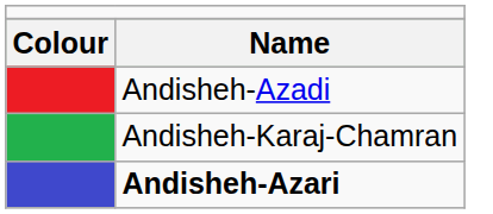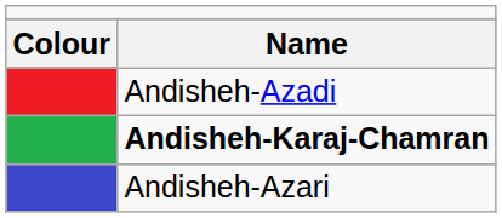 <table class="wikitable sortable">
 <tr>
 <td colspan="7"></td>
 </tr>
 <tr>
 </tr>
 <tr bgcolor=#ACE1AF>
 <th>Colour</th>
 <th>Name</th>
 </tr>
 <tr>
 <td text-align="center" bgcolor="#ED1C24"></td>
 <td>Andisheh-<a href='#'>Azadi</a></td>
 </tr>
 <tr>
 <td text-align="center" bgcolor="#22B14C"></td>
-<td>Andisheh-Karaj-Chamran</td>
+<td><strong>Andisheh-Karaj-Chamran</strong></td>
 </tr>
 <tr>
 <td text-align="center" bgcolor="#3F48CC"></td>
-<td><strong>Andisheh-Azari</strong></td>
+<td>Andisheh-Azari</td>
 </tr>
 </table>
